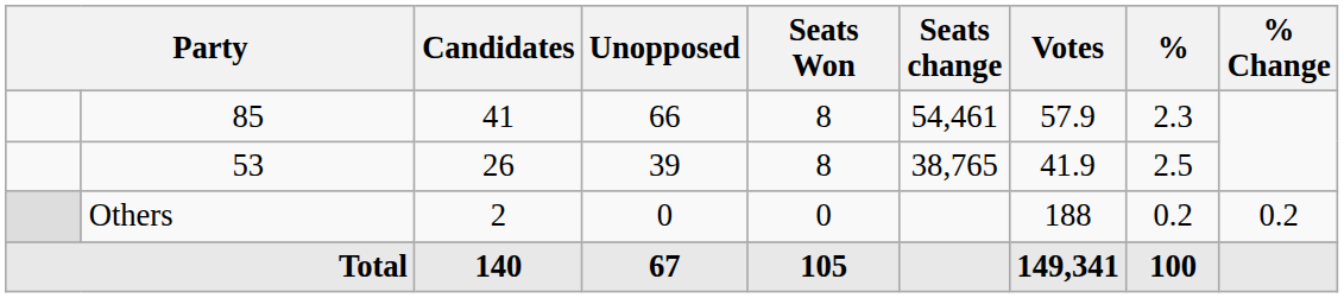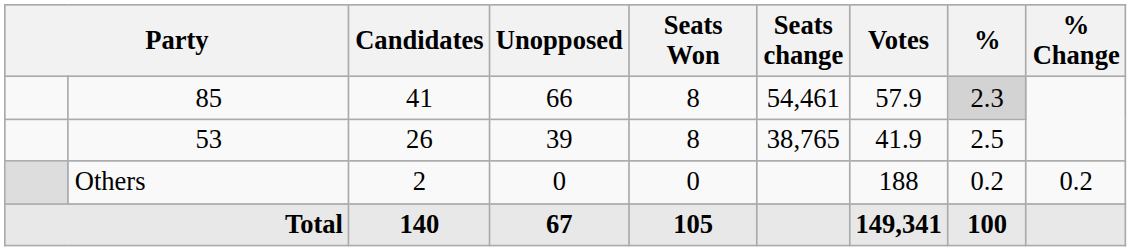 <table class="wikitable sortable">
 <tr>
 <th style="width:200px" colspan=2>Party</th>
 <th style="width:70px;">Candidates</th>
 <th style="width:70px;">Unopposed</th>
 <th style="width:70px;">Seats Won</th>
 <th style="width:40px;">Seats change</th>
 <th style="width:40px;">Votes</th>
 <th style="width:40px;">%</th>
 <th style="width:40px;">% Change</th>
 </tr>
 <tr>
 <td></td>
 <td align=center>85</td>
 <td align=center>41</td>
 <td align=center>66</td>
 <td align=center>8</td>
 <td align=center>54,461</td>
 <td align=center>57.9</td>
-<td align=center>2.3</td>
+<td align=center style="background: lightgrey;">2.3</td>
 </tr>
 <tr>
 <td></td>
 <td align="center">53</td>
 <td align="center">26</td>
 <td align="center">39</td>
 <td align="center">8</td>
 <td align="center">38,765</td>
 <td align="center">41.9</td>
 <td align="center">2.5</td>
 </tr>
 <tr>
 <td style="background-color:#DDDDDD"> </td>
 <td>Others</td>
 <td align="center">2</td>
 <td align="center">0</td>
 <td align="center">0</td>
 <td align="center"></td>
 <td align="center">188</td>
 <td align="center">0.2</td>
 <td align="center">0.2</td>
 </tr>
 <tr class="sortbottom" style="font-weight:bold; background:rgb(232,232,232);">
 <td colspan=2 style=text-align:right>Total</td>
 <td align=center>140</td>
 <td align=center>67</td>
 <td align=center>105</td>
 <td align=center></td>
 <td align=center>149,341</td>
 <td align=center>100</td>
 <td align=center></td>
 </tr>
 </table>
